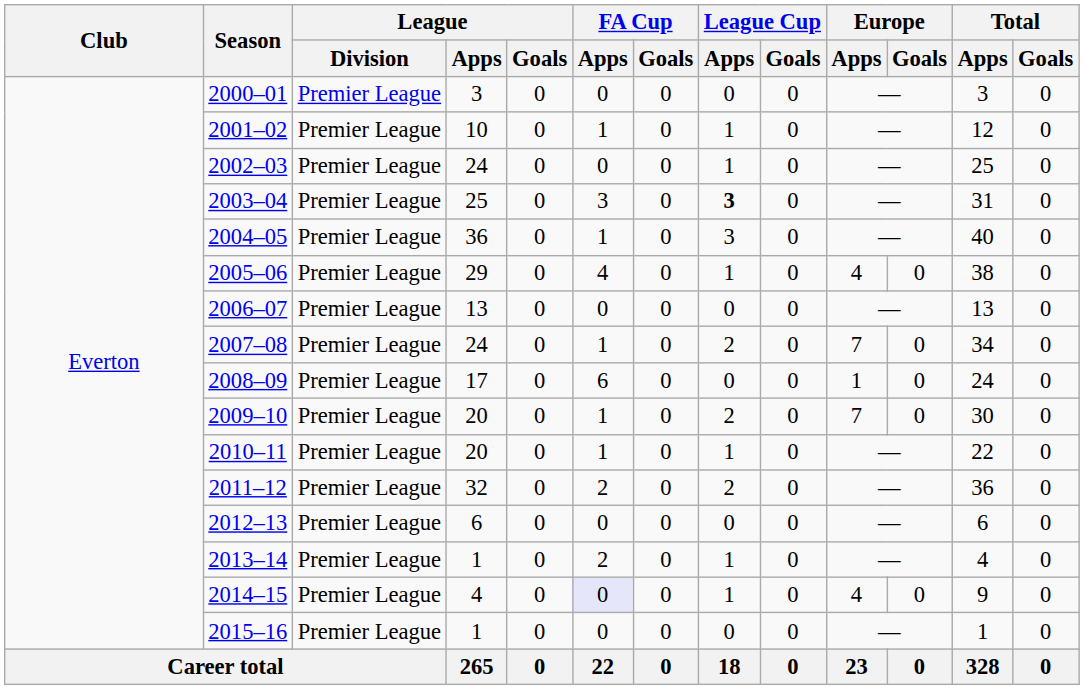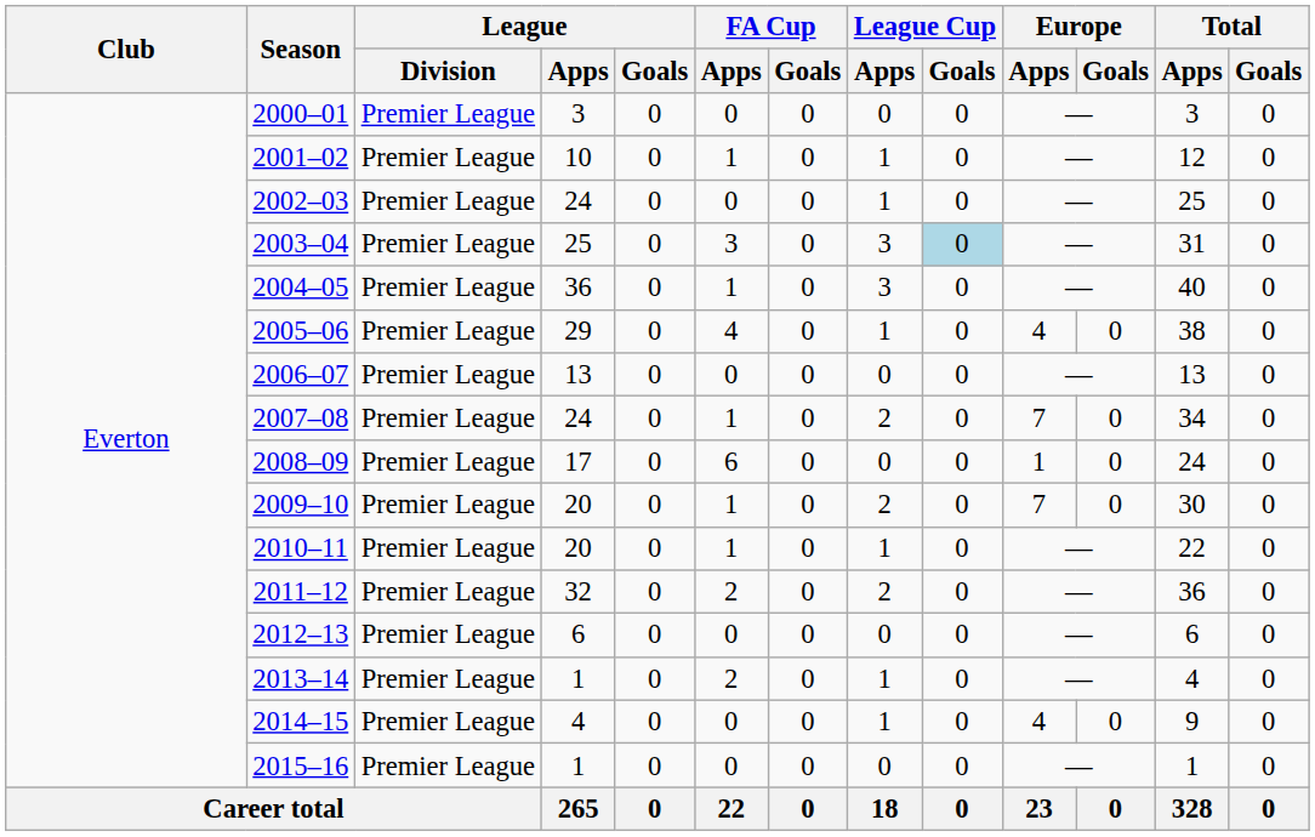 <table class="wikitable" style="text-align:center">
 <tr>
 <th rowspan="2" style="width: 100pt">Club</th>
 <th rowspan="2">Season</th>
 <th colspan="3">League</th>
 <th colspan="2"><a href='#'>FA Cup</a></th>
 <th colspan="2"><a href='#'>League Cup</a></th>
 <th colspan="2">Europe</th>
 <th colspan="2">Total</th>
 </tr>
 <tr>
 <th>Division</th>
 <th>Apps</th>
 <th>Goals</th>
 <th>Apps</th>
 <th>Goals</th>
 <th>Apps</th>
 <th>Goals</th>
 <th>Apps</th>
 <th>Goals</th>
 <th>Apps</th>
 <th>Goals</th>
 </tr>
 <tr>
 <td rowspan="16"><a href='#'>Everton</a></td>
 <td><a href='#'>2000–01</a></td>
 <td><a href='#'>Premier League</a></td>
 <td>3</td>
 <td>0</td>
 <td>0</td>
 <td>0</td>
 <td>0</td>
 <td>0</td>
 <td colspan="2">—</td>
 <td>3</td>
 <td>0</td>
 </tr>
 <tr>
 <td><a href='#'>2001–02</a></td>
 <td>Premier League</td>
 <td>10</td>
 <td>0</td>
 <td>1</td>
 <td>0</td>
 <td>1</td>
 <td>0</td>
 <td colspan="2">—</td>
 <td>12</td>
 <td>0</td>
 </tr>
 <tr>
 <td><a href='#'>2002–03</a></td>
 <td>Premier League</td>
 <td>24</td>
 <td>0</td>
 <td>0</td>
 <td>0</td>
 <td>1</td>
 <td>0</td>
 <td colspan="2">—</td>
 <td>25</td>
 <td>0</td>
 </tr>
 <tr>
 <td><a href='#'>2003–04</a></td>
 <td>Premier League</td>
 <td>25</td>
 <td>0</td>
 <td>3</td>
 <td>0</td>
-<td><strong>3</strong></td>
-<td>0</td>
+<td>3</td>
+<td style="background: lightblue;">0</td>
 <td colspan="2">—</td>
 <td>31</td>
 <td>0</td>
 </tr>
 <tr>
 <td><a href='#'>2004–05</a></td>
 <td>Premier League</td>
 <td>36</td>
 <td>0</td>
 <td>1</td>
 <td>0</td>
 <td>3</td>
 <td>0</td>
 <td colspan="2">—</td>
 <td>40</td>
 <td>0</td>
 </tr>
 <tr>
 <td><a href='#'>2005–06</a></td>
 <td>Premier League</td>
 <td>29</td>
 <td>0</td>
 <td>4</td>
 <td>0</td>
 <td>1</td>
 <td>0</td>
 <td>4</td>
 <td>0</td>
 <td>38</td>
 <td>0</td>
 </tr>
 <tr>
 <td><a href='#'>2006–07</a></td>
 <td>Premier League</td>
 <td>13</td>
 <td>0</td>
 <td>0</td>
 <td>0</td>
 <td>0</td>
 <td>0</td>
 <td colspan="2">—</td>
 <td>13</td>
 <td>0</td>
 </tr>
 <tr>
 <td><a href='#'>2007–08</a></td>
 <td>Premier League</td>
 <td>24</td>
 <td>0</td>
 <td>1</td>
 <td>0</td>
 <td>2</td>
 <td>0</td>
 <td>7</td>
 <td>0</td>
 <td>34</td>
 <td>0</td>
 </tr>
 <tr>
 <td><a href='#'>2008–09</a></td>
 <td>Premier League</td>
 <td>17</td>
 <td>0</td>
 <td>6</td>
 <td>0</td>
 <td>0</td>
 <td>0</td>
 <td>1</td>
 <td>0</td>
 <td>24</td>
 <td>0</td>
 </tr>
 <tr>
 <td><a href='#'>2009–10</a></td>
 <td>Premier League</td>
 <td>20</td>
 <td>0</td>
 <td>1</td>
 <td>0</td>
 <td>2</td>
 <td>0</td>
 <td>7</td>
 <td>0</td>
 <td>30</td>
 <td>0</td>
 </tr>
 <tr>
 <td><a href='#'>2010–11</a></td>
 <td>Premier League</td>
 <td>20</td>
 <td>0</td>
 <td>1</td>
 <td>0</td>
 <td>1</td>
 <td>0</td>
 <td colspan="2">—</td>
 <td>22</td>
 <td>0</td>
 </tr>
 <tr>
 <td><a href='#'>2011–12</a></td>
 <td>Premier League</td>
 <td>32</td>
 <td>0</td>
 <td>2</td>
 <td>0</td>
 <td>2</td>
 <td>0</td>
 <td colspan="2">—</td>
 <td>36</td>
 <td>0</td>
 </tr>
 <tr>
 <td><a href='#'>2012–13</a></td>
 <td>Premier League</td>
 <td>6</td>
 <td>0</td>
 <td>0</td>
 <td>0</td>
 <td>0</td>
 <td>0</td>
 <td colspan="2">—</td>
 <td>6</td>
 <td>0</td>
 </tr>
 <tr>
 <td><a href='#'>2013–14</a></td>
 <td>Premier League</td>
 <td>1</td>
 <td>0</td>
 <td>2</td>
 <td>0</td>
 <td>1</td>
 <td>0</td>
 <td colspan="2">—</td>
 <td>4</td>
 <td>0</td>
 </tr>
 <tr>
 <td><a href='#'>2014–15</a></td>
 <td>Premier League</td>
 <td>4</td>
 <td>0</td>
-<td style="background: lavender;">0</td>
+<td>0</td>
 <td>0</td>
 <td>1</td>
 <td>0</td>
 <td>4</td>
 <td>0</td>
 <td>9</td>
 <td>0</td>
 </tr>
 <tr>
 <td><a href='#'>2015–16</a></td>
 <td>Premier League</td>
 <td>1</td>
 <td>0</td>
 <td>0</td>
 <td>0</td>
 <td>0</td>
 <td>0</td>
 <td colspan="2">—</td>
 <td>1</td>
 <td>0</td>
 </tr>
 <tr>
 <th colspan="3">Career total</th>
 <th>265</th>
 <th>0</th>
 <th>22</th>
 <th>0</th>
 <th>18</th>
 <th>0</th>
 <th>23</th>
 <th>0</th>
 <th>328</th>
 <th>0</th>
 </tr>
 </table>
